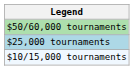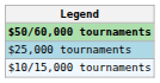 <table class="wikitable" style="font-size:85%">
 <tr>
 <th>Legend</th>
 </tr>
 <tr style="background:#addfad;">
-<td>$50/60,000 tournaments</td>
+<td><strong>$50/60,000 tournaments</strong></td>
 </tr>
 <tr style="background:lightblue;">
 <td>$25,000 tournaments</td>
 </tr>
 <tr style="background:#f0f8ff;">
 <td>$10/15,000 tournaments</td>
 </tr>
 </table>
